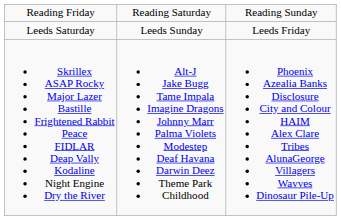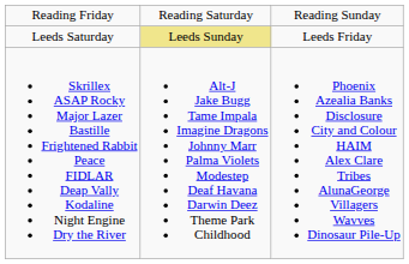 <table class="wikitable" style="text-align:center;">
 <tr>
 <td>Reading Friday</td>
 <td>Reading Saturday</td>
 <td>Reading Sunday</td>
 </tr>
 <tr>
 <td>Leeds Saturday</td>
-<td>Leeds Sunday</td>
+<td style="background: khaki;">Leeds Sunday</td>
 <td>Leeds Friday</td>
 </tr>
 <tr>
 <td><br><ul><li><a href='#'>Skrillex</a></li><li><a href='#'>ASAP Rocky</a></li><li><a href='#'>Major Lazer</a></li><li><a href='#'>Bastille</a></li><li><a href='#'>Frightened Rabbit</a></li><li><a href='#'>Peace</a></li><li><a href='#'>FIDLAR</a></li><li><a href='#'>Deap Vally</a></li><li><a href='#'>Kodaline</a></li><li>Night Engine</li><li><a href='#'>Dry the River</a></li></ul></td>
 <td><br><ul><li><a href='#'>Alt-J</a></li><li><a href='#'>Jake Bugg</a></li><li><a href='#'>Tame Impala</a></li><li><a href='#'>Imagine Dragons</a></li><li><a href='#'>Johnny Marr</a></li><li><a href='#'>Palma Violets</a></li><li><a href='#'>Modestep</a></li><li><a href='#'>Deaf Havana</a></li><li><a href='#'>Darwin Deez</a></li><li>Theme Park</li><li>Childhood</li></ul></td>
 <td><br><ul><li><a href='#'>Phoenix</a></li><li><a href='#'>Azealia Banks</a></li><li><a href='#'>Disclosure</a></li><li><a href='#'>City and Colour</a></li><li><a href='#'>HAIM</a></li><li><a href='#'>Alex Clare</a></li><li><a href='#'>Tribes</a></li><li><a href='#'>AlunaGeorge</a></li><li><a href='#'>Villagers</a></li><li><a href='#'>Wavves</a></li><li><a href='#'>Dinosaur Pile-Up</a></li></ul></td>
 </tr>
 </table>
